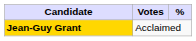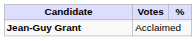 <table class="wikitable">
 <tr>
 <th style="background:#ddf; width:200px;">Candidate</th>
 <th style="background:#ddf; width:50px;">Votes</th>
 <th style="background:#ddf; width:30px;">%</th>
 </tr>
 <tr>
-<td style="background: gold;"><strong>Jean-Guy Grant</strong></td>
+<td><strong>Jean-Guy Grant</strong></td>
 <td colspan="2">Acclaimed</td>
 </tr>
 </table>
